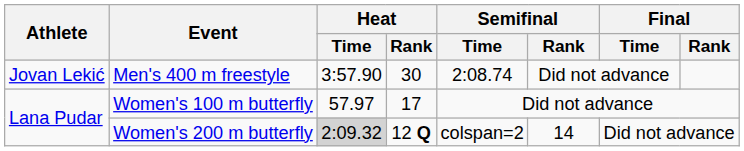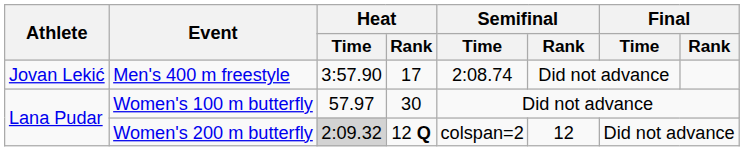 <table class=wikitable style="font-size:90%">
 <tr>
 <th rowspan="2”">Athlete</th>
 <th rowspan="2">Event</th>
 <th colspan="2">Heat</th>
 <th colspan="2">Semifinal</th>
 <th colspan="2">Final</th>
 </tr>
 <tr style="font-size:95%">
 <th>Time</th>
 <th>Rank</th>
 <th>Time</th>
 <th>Rank</th>
 <th>Time</th>
 <th>Rank</th>
 </tr>
 <tr align=center>
 <td align=left><a href='#'>Jovan Lekić</a></td>
 <td align=left><a href='#'>Men's 400 m freestyle</a></td>
 <td>3:57.90</td>
-<td>30</td>
+<td>17</td>
 <td>2:08.74</td>
 <td colspan=2>Did not advance</td>
 </tr>
 <tr align=center>
 <td align=left rowspan=2><a href='#'>Lana Pudar</a></td>
 <td align=left><a href='#'>Women's 100 m butterfly</a></td>
 <td>57.97</td>
-<td>17</td>
+<td>30</td>
 <td colspan=4>Did not advance</td>
 </tr>
 <tr align=center>
 <td align=left><a href='#'>Women's 200 m butterfly</a></td>
 <td style="background: lightgrey;">2:09.32</td>
 <td>12 <strong>Q</strong></td>
 <td>colspan=2 </td>
-<td>14</td>
+<td>12</td>
 <td colspan=2>Did not advance</td>
 </tr>
 </table>
